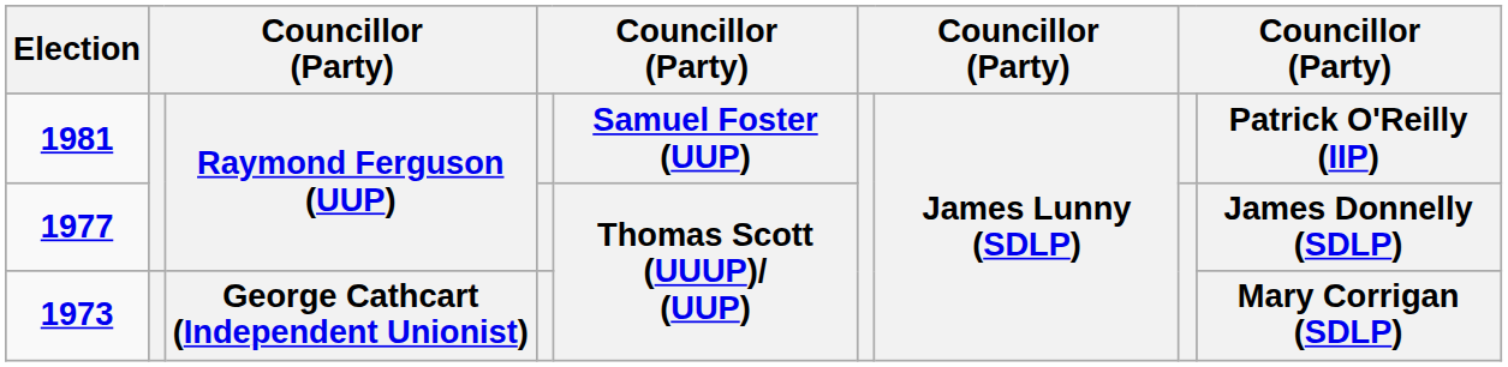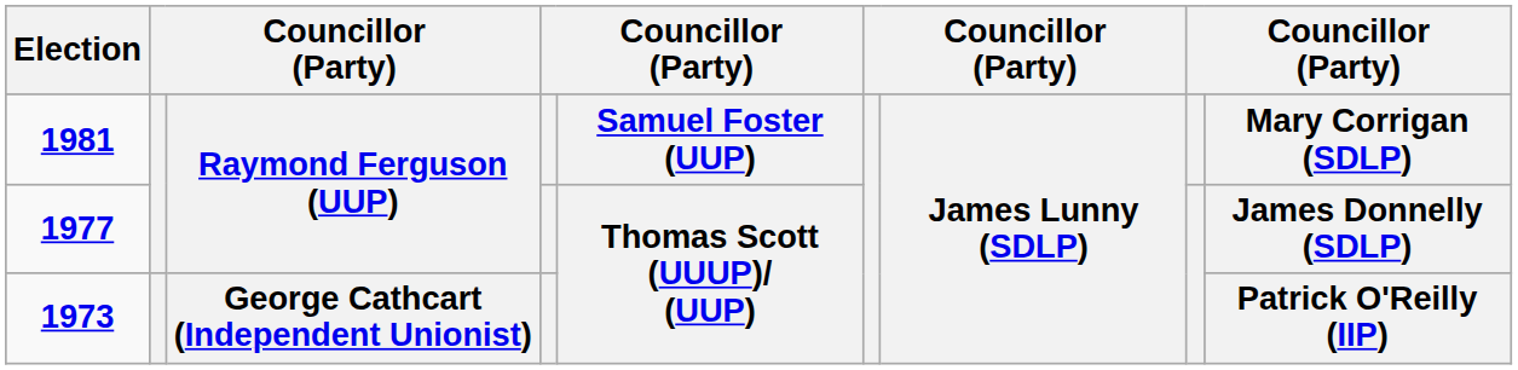 <table class="wikitable" style="text-align:center">
 <tr>
 <th scope="col" width="50">Election</th>
 <th scope="col" width="150" colspan = "2">Councillor<br> (Party)</th>
 <th scope="col" width="150" colspan = "2">Councillor<br> (Party)</th>
 <th scope="col" width="150" colspan = "2">Councillor<br> (Party)</th>
 <th scope="col" width="150" colspan = "2">Councillor<br> (Party)</th>
 </tr>
 <tr>
 <td><strong><a href='#'>1981</a></strong></td>
 <th rowspan="2" width="1" style="background-color: "></th>
 <th rowspan = "2"><a href='#'>Raymond Ferguson</a> <br> (<a href='#'>UUP</a>)</th>
 <th rowspan="1" width="1" style="background-color: "></th>
 <th rowspan = "1"><a href='#'>Samuel Foster</a> <br> (<a href='#'>UUP</a>)</th>
 <th rowspan="3" width="1" style="background-color: "></th>
 <th rowspan = "3">James Lunny <br> (<a href='#'>SDLP</a>)</th>
 <th rowspan="1" width="1" style="background-color: "></th>
-<th rowspan = "1">Patrick O'Reilly <br> (<a href='#'>IIP</a>)</th>
+<th rowspan = "1">Mary Corrigan <br> (<a href='#'>SDLP</a>)</th>
 </tr>
 <tr>
 <td><strong><a href='#'>1977</a></strong></td>
 <th rowspan="1" width="1" style="background-color: "></th>
 <th rowspan = "2">Thomas Scott <br> (<a href='#'>UUUP</a>)/ <br> (<a href='#'>UUP</a>)</th>
 <th rowspan="2" width="1" style="background-color: "></th>
 <th rowspan = "1">James Donnelly <br> (<a href='#'>SDLP</a>)</th>
 </tr>
 <tr>
 <td><strong><a href='#'>1973</a></strong></td>
 <th rowspan="1" width="1" style="background-color: "></th>
 <th rowspan = "1">George Cathcart <br> (<a href='#'>Independent Unionist</a>)</th>
 <th rowspan="1" width="1" style="background-color: "></th>
-<th rowspan = "1">Mary Corrigan <br> (<a href='#'>SDLP</a>)</th>
+<th rowspan = "1">Patrick O'Reilly <br> (<a href='#'>IIP</a>)</th>
 </tr>
 </table>
